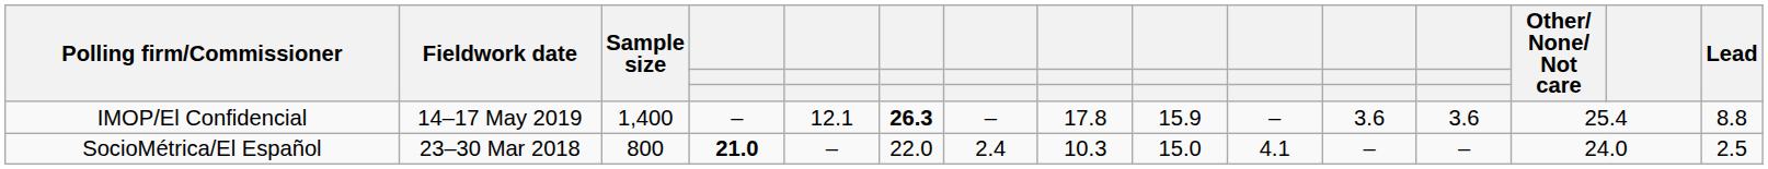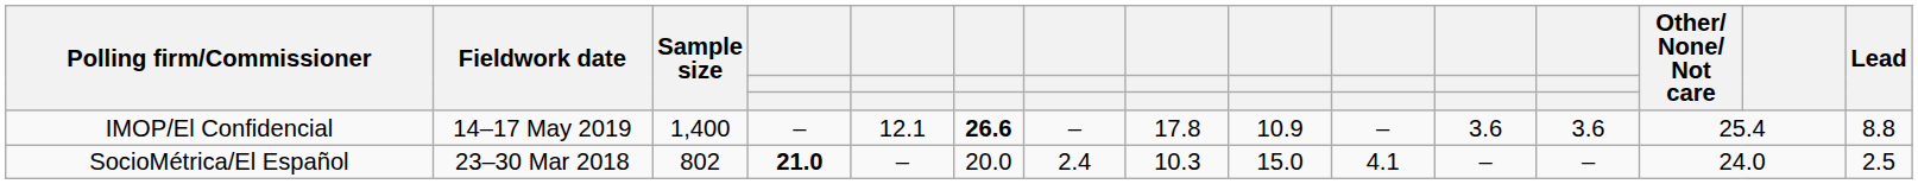 <table class="wikitable collapsible collapsed" style="text-align:center; font-size:90%; line-height:14px;">
 <tr style="height:42px;">
 <th style="width:250px;" rowspan="3">Polling firm/Commissioner</th>
 <th style="width:125px;" rowspan="3">Fieldwork date</th>
 <th style="width:50px;" rowspan="3">Sample size</th>
 <th style="width:55px;"></th>
 <th style="width:55px;"></th>
 <th style="width:35px;"></th>
 <th style="width:55px;"></th>
 <th style="width:55px;"></th>
 <th style="width:55px;"></th>
 <th style="width:55px;"></th>
 <th style="width:55px;"></th>
 <th style="width:55px;"></th>
 <th style="width:55px;" rowspan="3">Other/<br>None/<br>Not<br>care</th>
 <th style="width:55px;" rowspan="3"></th>
 <th style="width:30px;" rowspan="3">Lead</th>
 </tr>
 <tr>
 <th style="color:inherit;background:"></th>
 <th style="color:inherit;background:"></th>
 <th style="color:inherit;background:"></th>
 <th style="color:inherit;background:"></th>
 <th style="color:inherit;background:"></th>
 <th style="color:inherit;background:"></th>
 <th style="color:inherit;background:"></th>
 <th style="color:inherit;background:"></th>
 <th style="color:inherit;background:"></th>
 </tr>
 <tr>
 <th></th>
 <th></th>
 <th></th>
 <th></th>
 <th></th>
 <th></th>
 <th></th>
 <th></th>
 <th></th>
 </tr>
 <tr>
 <td>IMOP/El Confidencial</td>
 <td>14–17 May 2019</td>
 <td>1,400</td>
 <td>–</td>
 <td>12.1</td>
-<td><strong>26.3</strong></td>
+<td><strong>26.6</strong></td>
 <td>–</td>
 <td>17.8</td>
-<td>15.9</td>
+<td>10.9</td>
 <td>–</td>
 <td>3.6</td>
 <td>3.6</td>
 <td colspan="2">25.4</td>
 <td style="background:">8.8</td>
 </tr>
 <tr>
 <td>SocioMétrica/El Español</td>
 <td>23–30 Mar 2018</td>
-<td>800</td>
+<td>802</td>
 <td><strong>21.0</strong></td>
 <td>–</td>
-<td>22.0</td>
+<td>20.0</td>
 <td>2.4</td>
 <td>10.3</td>
 <td>15.0</td>
 <td>4.1</td>
 <td>–</td>
 <td>–</td>
 <td colspan="2">24.0</td>
 <td style="background:">2.5</td>
 </tr>
 </table>
